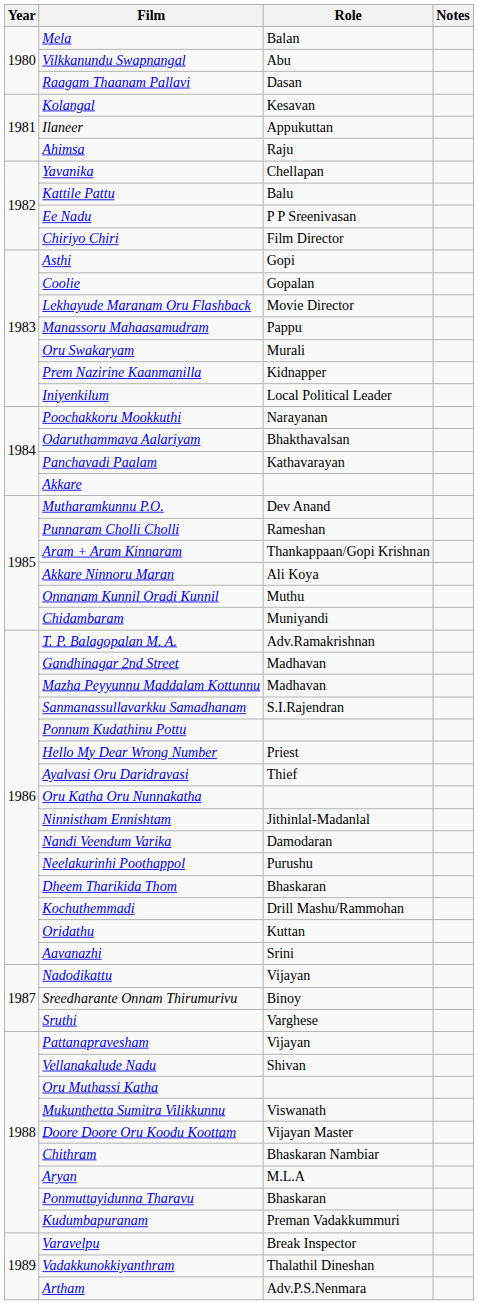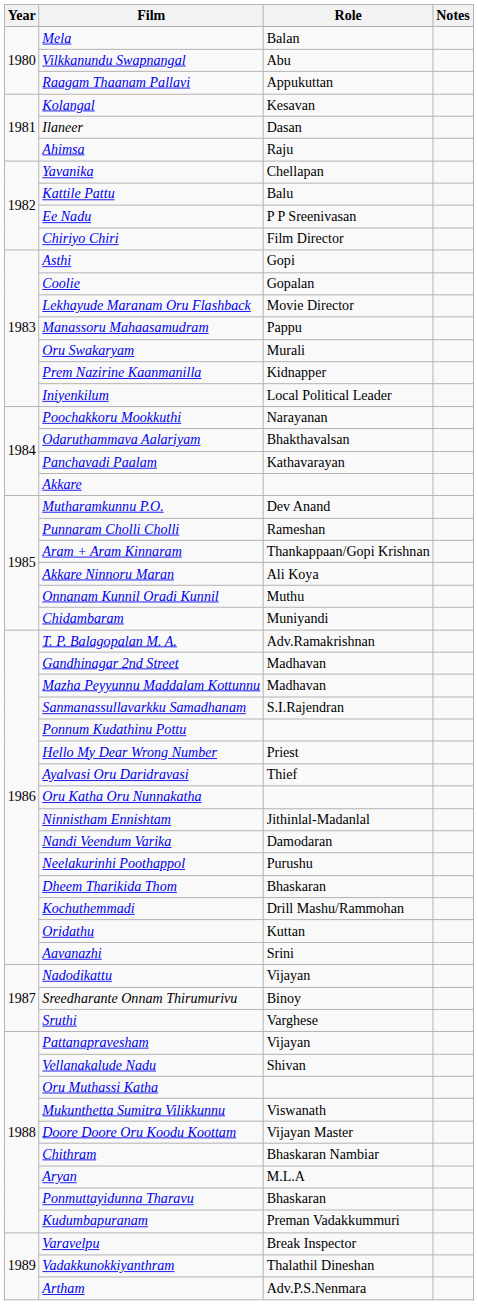 <table class="wikitable sortable">
 <tr>
 <th>Year</th>
 <th>Film</th>
 <th>Role</th>
 <th>Notes</th>
 </tr>
 <tr>
 <td rowspan=3>1980</td>
 <td><em><a href='#'>Mela</a></em></td>
 <td>Balan</td>
 <td></td>
 </tr>
 <tr>
 <td><em><a href='#'>Vilkkanundu Swapnangal</a></em></td>
 <td>Abu</td>
 <td></td>
 </tr>
 <tr>
 <td><em><a href='#'>Raagam Thaanam Pallavi</a></em></td>
-<td>Dasan</td>
+<td>Appukuttan</td>
 <td></td>
 </tr>
 <tr>
 <td rowspan=3>1981</td>
 <td><em><a href='#'>Kolangal</a></em></td>
 <td>Kesavan</td>
 <td></td>
 </tr>
 <tr>
 <td><em>Ilaneer</em></td>
-<td>Appukuttan</td>
+<td>Dasan</td>
 <td></td>
 </tr>
 <tr>
 <td><em><a href='#'>Ahimsa</a></em></td>
 <td>Raju</td>
 <td></td>
 </tr>
 <tr>
 <td rowspan=4>1982</td>
 <td><em><a href='#'>Yavanika</a></em></td>
 <td>Chellapan</td>
 <td></td>
 </tr>
 <tr>
 <td><em><a href='#'>Kattile Pattu</a></em></td>
 <td>Balu</td>
 <td></td>
 </tr>
 <tr>
 <td><em><a href='#'>Ee Nadu</a></em></td>
 <td>P P Sreenivasan</td>
 <td></td>
 </tr>
 <tr>
 <td><em><a href='#'>Chiriyo Chiri</a></em></td>
 <td>Film Director</td>
 <td></td>
 </tr>
 <tr>
 <td rowspan=7>1983</td>
 <td><em><a href='#'>Asthi</a></em></td>
 <td>Gopi</td>
 <td></td>
 </tr>
 <tr>
 <td><em><a href='#'>Coolie</a></em></td>
 <td>Gopalan</td>
 <td></td>
 </tr>
 <tr>
 <td><em><a href='#'>Lekhayude Maranam Oru Flashback</a></em></td>
 <td>Movie Director</td>
 <td></td>
 </tr>
 <tr>
 <td><em><a href='#'>Manassoru Mahaasamudram</a></em></td>
 <td>Pappu</td>
 <td></td>
 </tr>
 <tr>
 <td><em><a href='#'>Oru Swakaryam</a></em></td>
 <td>Murali</td>
 <td></td>
 </tr>
 <tr>
 <td><em><a href='#'>Prem Nazirine Kaanmanilla</a></em></td>
 <td>Kidnapper</td>
 <td></td>
 </tr>
 <tr>
 <td><em><a href='#'>Iniyenkilum</a></em></td>
 <td>Local Political Leader</td>
 <td></td>
 </tr>
 <tr>
 <td rowspan=4>1984</td>
 <td><em> <a href='#'>Poochakkoru Mookkuthi</a> </em></td>
 <td>Narayanan</td>
 <td></td>
 </tr>
 <tr>
 <td><em> <a href='#'>Odaruthammava Aalariyam</a> </em></td>
 <td>Bhakthavalsan</td>
 <td></td>
 </tr>
 <tr>
 <td><em> <a href='#'>Panchavadi Paalam</a> </em></td>
 <td>Kathavarayan</td>
 <td></td>
 </tr>
 <tr>
 <td><em> <a href='#'>Akkare</a> </em></td>
 <td></td>
 <td></td>
 </tr>
 <tr>
 <td rowspan=6>1985</td>
 <td><em> <a href='#'>Mutharamkunnu P.O.</a></em></td>
 <td>Dev Anand</td>
 <td></td>
 </tr>
 <tr>
 <td><em> <a href='#'>Punnaram Cholli Cholli</a> </em></td>
 <td>Rameshan</td>
 <td></td>
 </tr>
 <tr>
 <td><em> <a href='#'>Aram + Aram Kinnaram</a> </em></td>
 <td>Thankappaan/Gopi Krishnan</td>
 <td></td>
 </tr>
 <tr>
 <td><em> <a href='#'>Akkare Ninnoru Maran</a> </em></td>
 <td>Ali Koya</td>
 <td></td>
 </tr>
 <tr>
 <td><em><a href='#'>Onnanam Kunnil Oradi Kunnil</a></em></td>
 <td>Muthu</td>
 <td></td>
 </tr>
 <tr>
 <td><em><a href='#'>Chidambaram</a></em></td>
 <td>Muniyandi</td>
 <td></td>
 </tr>
 <tr>
 <td rowspan=15>1986</td>
 <td><em> <a href='#'>T. P. Balagopalan M. A.</a> </em></td>
 <td>Adv.Ramakrishnan</td>
 <td></td>
 </tr>
 <tr>
 <td><em> <a href='#'>Gandhinagar 2nd Street</a> </em></td>
 <td>Madhavan</td>
 <td></td>
 </tr>
 <tr>
 <td><em> <a href='#'>Mazha Peyyunnu Maddalam Kottunnu</a></em></td>
 <td>Madhavan</td>
 <td></td>
 </tr>
 <tr>
 <td><em> <a href='#'>Sanmanassullavarkku Samadhanam</a> </em></td>
 <td>S.I.Rajendran</td>
 <td></td>
 </tr>
 <tr>
 <td><em> <a href='#'>Ponnum Kudathinu Pottu</a> </em></td>
 <td></td>
 <td></td>
 </tr>
 <tr>
 <td><em> <a href='#'>Hello My Dear Wrong Number</a> </em></td>
 <td>Priest</td>
 <td></td>
 </tr>
 <tr>
 <td><em> <a href='#'>Ayalvasi Oru Daridravasi</a> </em></td>
 <td>Thief</td>
 <td></td>
 </tr>
 <tr>
 <td><em> <a href='#'>Oru Katha Oru Nunnakatha</a> </em></td>
 <td></td>
 <td></td>
 </tr>
 <tr>
 <td><em> <a href='#'>Ninnistham Ennishtam</a> </em></td>
 <td>Jithinlal-Madanlal</td>
 <td></td>
 </tr>
 <tr>
 <td><em> <a href='#'>Nandi Veendum Varika</a> </em></td>
 <td>Damodaran</td>
 <td></td>
 </tr>
 <tr>
 <td><em> <a href='#'>Neelakurinhi Poothappol</a> </em></td>
 <td>Purushu</td>
 <td></td>
 </tr>
 <tr>
 <td><em> <a href='#'>Dheem Tharikida Thom</a> </em></td>
 <td>Bhaskaran</td>
 <td></td>
 </tr>
 <tr>
 <td><em> <a href='#'>Kochuthemmadi</a> </em></td>
 <td>Drill Mashu/Rammohan</td>
 <td></td>
 </tr>
 <tr>
 <td><em> <a href='#'>Oridathu</a> </em></td>
 <td>Kuttan</td>
 <td></td>
 </tr>
 <tr>
 <td><em> <a href='#'>Aavanazhi</a> </em></td>
 <td>Srini</td>
 <td></td>
 </tr>
 <tr>
 <td rowspan=3>1987</td>
 <td><em><a href='#'>Nadodikattu</a></em></td>
 <td>Vijayan</td>
 <td></td>
 </tr>
 <tr>
 <td><em>Sreedharante Onnam Thirumurivu</em></td>
 <td>Binoy</td>
 <td></td>
 </tr>
 <tr>
 <td><em><a href='#'>Sruthi</a></em></td>
 <td>Varghese</td>
 <td></td>
 </tr>
 <tr>
 <td rowspan=9>1988</td>
 <td><em><a href='#'>Pattanapravesham</a></em></td>
 <td>Vijayan</td>
 <td></td>
 </tr>
 <tr>
 <td><em><a href='#'>Vellanakalude Nadu</a></em></td>
 <td>Shivan</td>
 <td></td>
 </tr>
 <tr>
 <td><em><a href='#'>Oru Muthassi Katha</a></em></td>
 <td></td>
 <td></td>
 </tr>
 <tr>
 <td><em><a href='#'>Mukunthetta Sumitra Vilikkunnu</a></em></td>
 <td>Viswanath</td>
 <td></td>
 </tr>
 <tr>
 <td><em><a href='#'>Doore Doore Oru Koodu Koottam</a></em></td>
 <td>Vijayan Master</td>
 <td></td>
 </tr>
 <tr>
 <td><em><a href='#'>Chithram</a></em></td>
 <td>Bhaskaran Nambiar</td>
 <td></td>
 </tr>
 <tr>
 <td><em><a href='#'>Aryan</a></em></td>
 <td>M.L.A</td>
 <td></td>
 </tr>
 <tr>
 <td><em><a href='#'>Ponmuttayidunna Tharavu</a></em></td>
 <td>Bhaskaran</td>
 <td></td>
 </tr>
 <tr>
 <td><em><a href='#'>Kudumbapuranam</a></em></td>
 <td>Preman Vadakkummuri</td>
 <td></td>
 </tr>
 <tr>
 <td rowspan=3>1989</td>
 <td><em><a href='#'>Varavelpu</a></em></td>
 <td>Break Inspector</td>
 <td></td>
 </tr>
 <tr>
 <td><em><a href='#'>Vadakkunokkiyanthram</a></em></td>
 <td>Thalathil Dineshan</td>
 <td></td>
 </tr>
 <tr>
 <td><em><a href='#'>Artham</a></em></td>
 <td>Adv.P.S.Nenmara</td>
 <td></td>
 </tr>
 </table>
